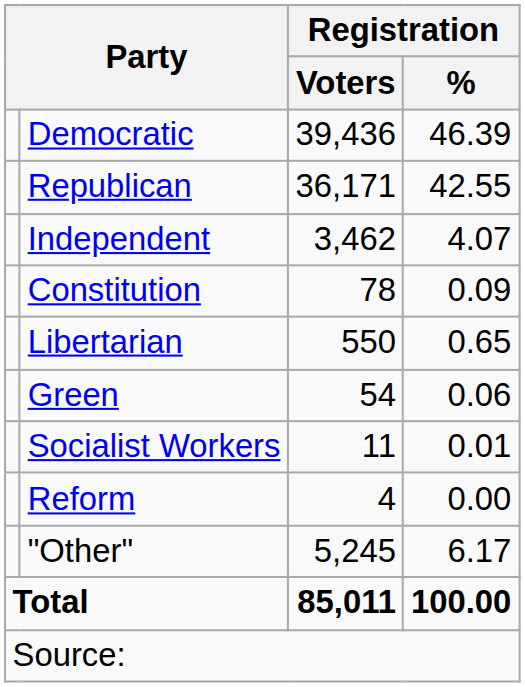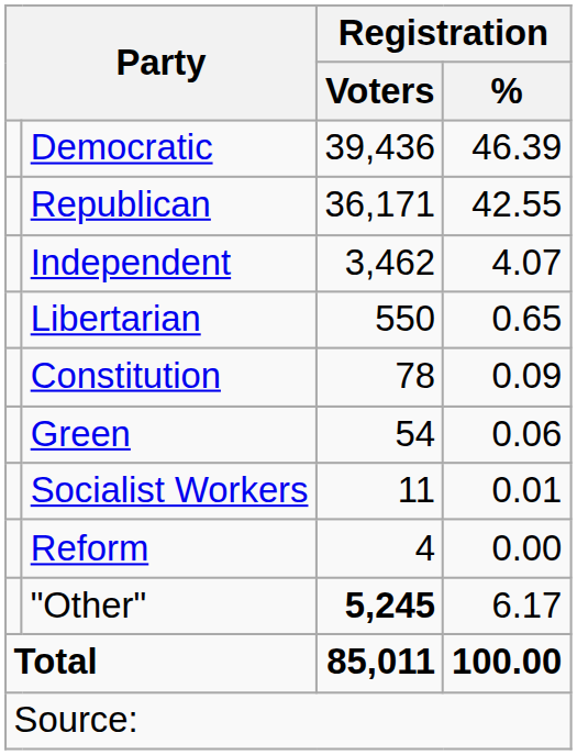 <table class="wikitable">
 <tr>
 <th colspan="2" rowspan="2">Party</th>
 <th colspan="2">Registration</th>
 </tr>
 <tr>
 <th>Voters</th>
 <th>%</th>
 </tr>
 <tr>
 <td style="background-color:"></td>
 <td><a href='#'>Democratic</a></td>
 <td style="text-align:right;">39,436</td>
 <td style="text-align:right;">46.39</td>
 </tr>
 <tr>
 <td style="background-color:"></td>
 <td><a href='#'>Republican</a></td>
 <td style="text-align:right;">36,171</td>
 <td style="text-align:right;">42.55</td>
 </tr>
 <tr>
 <td style="background-color:"></td>
 <td><a href='#'>Independent</a></td>
 <td style="text-align:right;">3,462</td>
 <td style="text-align:right;">4.07</td>
 </tr>
 <tr>
 <td style="background-color:"></td>
+<td><a href='#'>Libertarian</a></td>
+<td style="text-align:right;">550</td>
+<td style="text-align:right;">0.65</td>
+</tr>
+<tr>
+<td style="background-color:"></td>
 <td><a href='#'>Constitution</a></td>
 <td style="text-align:right;">78</td>
 <td style="text-align:right;">0.09</td>
-</tr>
-<tr>
-<td style="background-color:"></td>
-<td><a href='#'>Libertarian</a></td>
-<td style="text-align:right;">550</td>
-<td style="text-align:right;">0.65</td>
 </tr>
 <tr>
 <td style="background-color:"></td>
 <td><a href='#'>Green</a></td>
 <td style="text-align:right;">54</td>
 <td style="text-align:right;">0.06</td>
 </tr>
 <tr>
 <td style="background-color:"></td>
 <td><a href='#'>Socialist Workers</a></td>
 <td style="text-align:right;">11</td>
 <td style="text-align:right;">0.01</td>
 </tr>
 <tr>
 <td style="background-color:"></td>
 <td><a href='#'>Reform</a></td>
 <td style="text-align:right;">4</td>
 <td style="text-align:right;">0.00</td>
 </tr>
 <tr>
 <td></td>
 <td>"Other"</td>
-<td style="text-align:right;">5,245</td>
+<td style="text-align:right;"><strong>5,245</strong></td>
 <td style="text-align:right;">6.17</td>
 </tr>
 <tr>
 <td colspan="2"><strong>Total</strong></td>
 <td style="text-align:right;"><strong>85,011</strong></td>
 <td style="text-align:right;"><strong>100.00</strong></td>
 </tr>
 <tr>
 <td colspan="4">Source: <em></em></td>
 </tr>
 </table>
